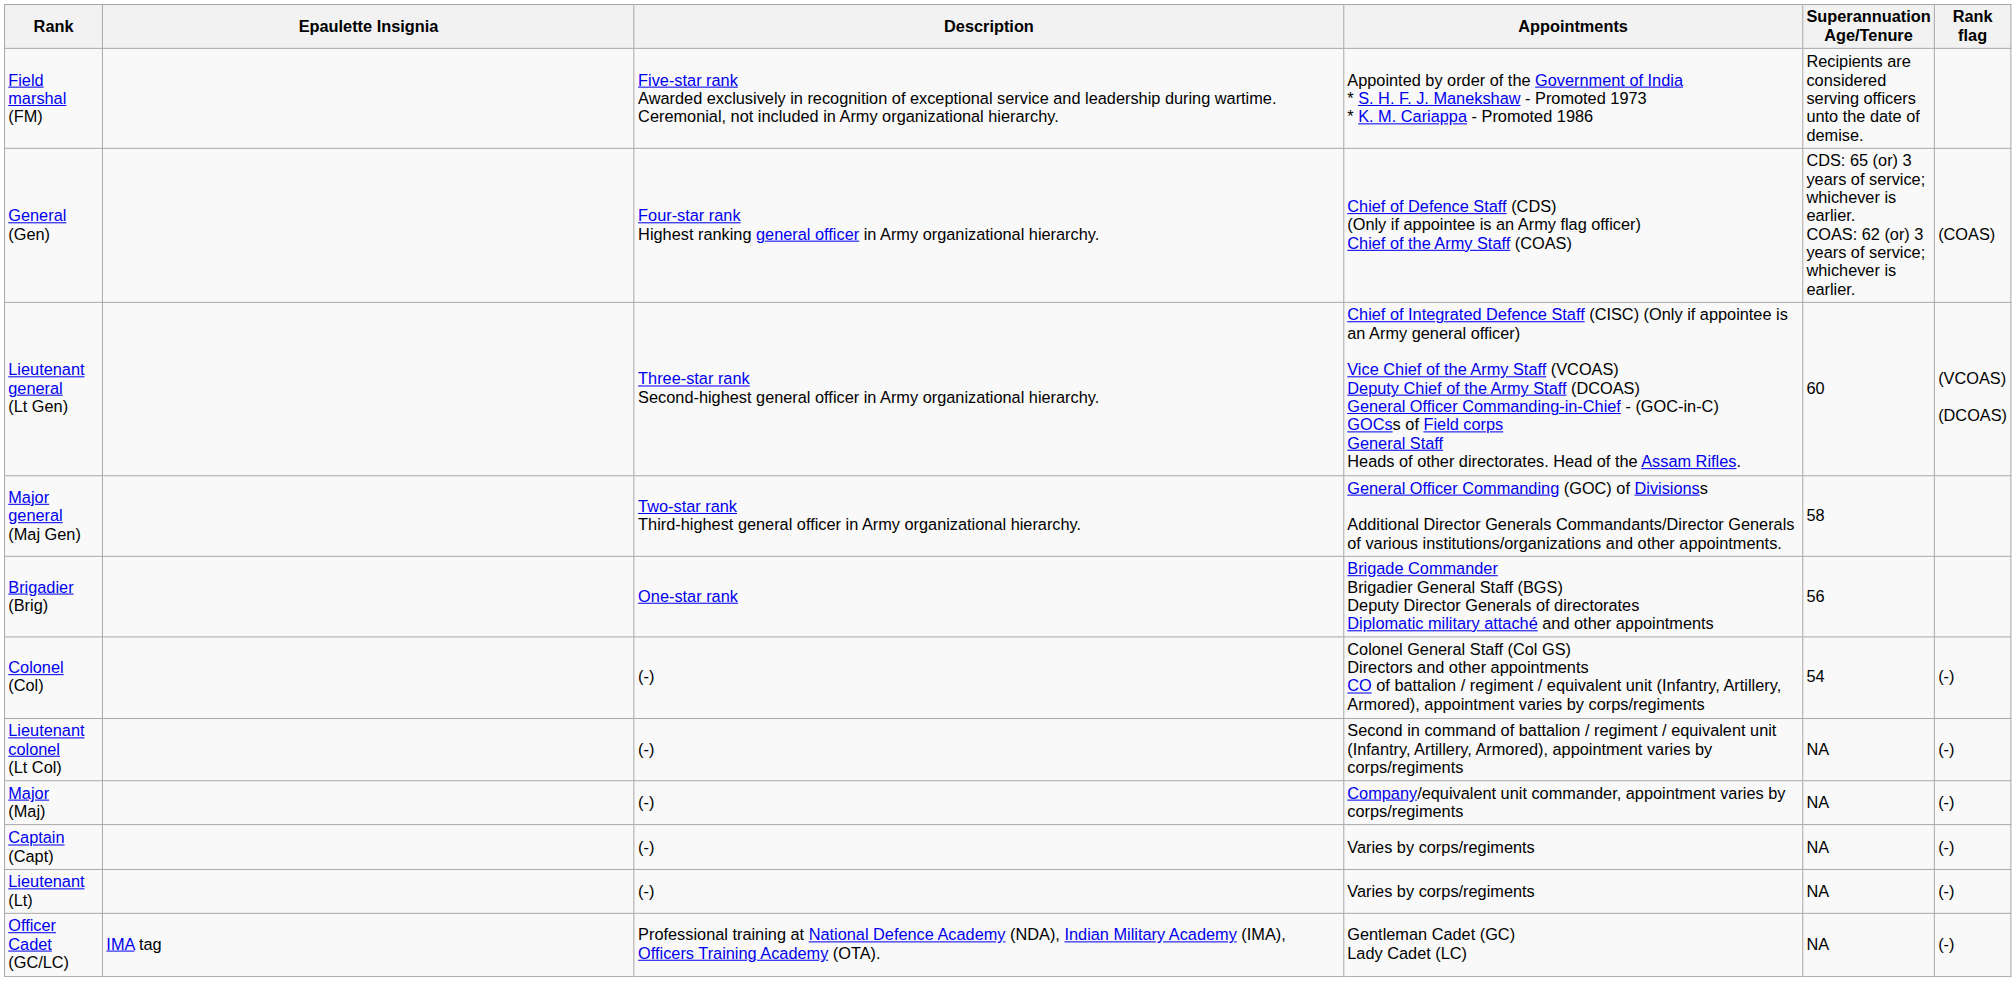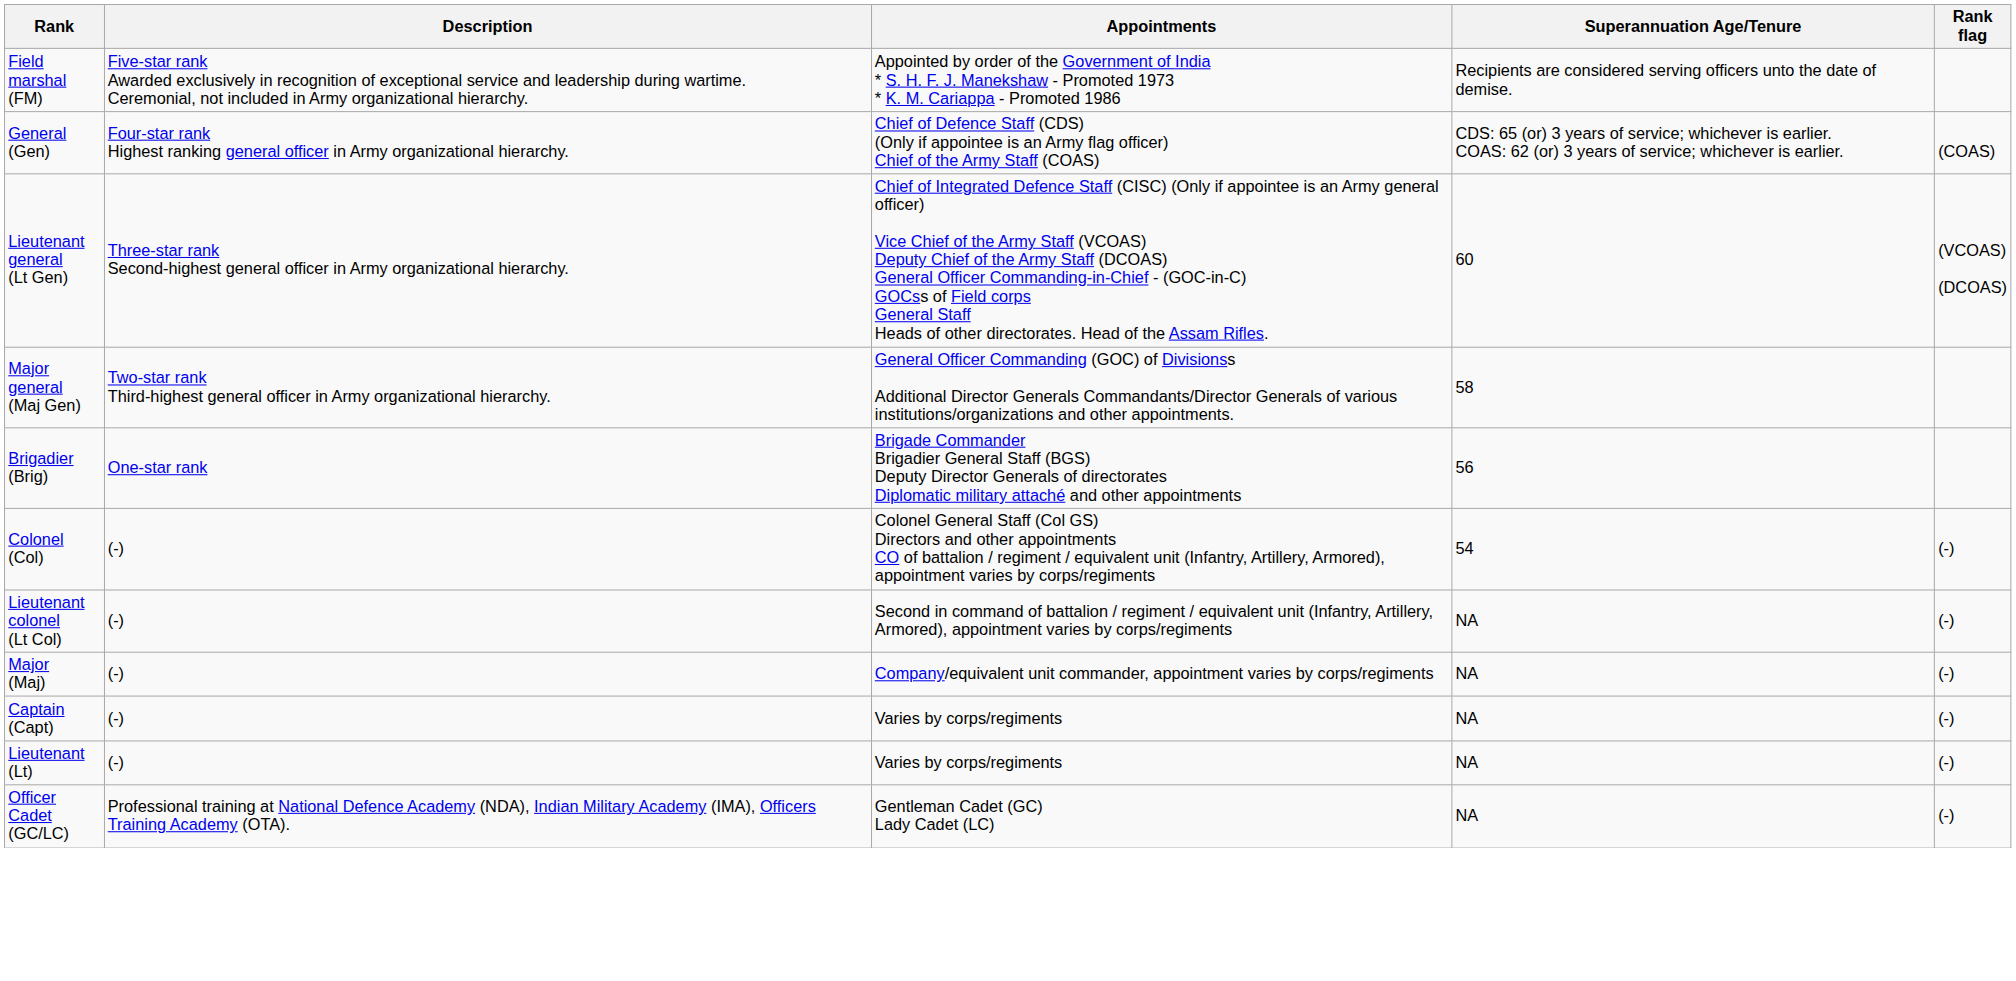 <table class="wikitable">
 <tr>
 <th width=5%>Rank</th>
-<th width=30%>Epaulette Insignia</th>
 <th width=40%>Description</th>
 <th width=30%>Appointments</th>
 <th width=25%>Superannuation Age/Tenure</th>
 <th width=25%>Rank flag</th>
 </tr>
 <tr>
 <td><a href='#'>Field marshal</a><br>(FM)</td>
-<td></td>
 <td><a href='#'>Five-star rank</a><br>Awarded exclusively in recognition of exceptional service and leadership during wartime.<br>Ceremonial, not included in Army organizational hierarchy.</td>
 <td>Appointed by order of the <a href='#'>Government of India</a><br>* <a href='#'>S. H. F. J. Manekshaw</a> -  Promoted 1973<br>* <a href='#'>K. M. Cariappa</a> - Promoted 1986</td>
 <td>Recipients are considered serving officers unto the date of demise.</td>
 <td></td>
 </tr>
 <tr>
 <td><a href='#'>General</a><br>(Gen)</td>
-<td></td>
 <td><a href='#'>Four-star rank</a><br>Highest ranking <a href='#'>general officer</a> in Army organizational hierarchy.</td>
 <td><a href='#'>Chief of Defence Staff</a> (CDS)<br>(Only if appointee is an Army flag officer)<br><a href='#'>Chief of the Army Staff</a> (COAS)<br></td>
 <td>CDS: 65 (or) 3 years of service; whichever is earlier.<br>COAS: 62 (or) 3 years of service; whichever is earlier.</td>
 <td><br>(COAS)</td>
 </tr>
 <tr>
 <td><a href='#'>Lieutenant general</a><br>(Lt Gen)</td>
-<td></td>
 <td><a href='#'>Three-star rank</a><br>Second-highest general officer in Army organizational hierarchy.</td>
 <td><a href='#'>Chief of Integrated Defence Staff</a> (CISC) (Only if appointee is an Army general officer)<br><br><a href='#'>Vice Chief of the Army Staff</a> (VCOAS)<br> <a href='#'>Deputy Chief of the Army Staff</a> (DCOAS)<br> <a href='#'>General Officer Commanding-in-Chief</a> -  (GOC-in-C)<br> <a href='#'>GOCs</a>s of <a href='#'>Field corps</a><br> <a href='#'>General Staff</a><br> Heads of other directorates. Head of the <a href='#'>Assam Rifles</a>.</td>
 <td>60</td>
 <td><br>(VCOAS)<br><br>(DCOAS)</td>
 </tr>
 <tr>
 <td><a href='#'>Major general</a><br>(Maj Gen)</td>
-<td></td>
 <td><a href='#'>Two-star rank</a><br>Third-highest general officer in Army organizational hierarchy.</td>
 <td><a href='#'>General Officer Commanding</a> (GOC) of <a href='#'>Divisions</a>s<br><br>Additional Director Generals Commandants/Director Generals of various institutions/organizations and other appointments.</td>
 <td>58</td>
 <td></td>
 </tr>
 <tr>
 <td><a href='#'>Brigadier</a><br>(Brig)</td>
-<td></td>
 <td><a href='#'>One-star rank</a></td>
 <td><a href='#'>Brigade Commander</a><br>Brigadier General Staff (BGS)<br>Deputy Director Generals of directorates<br><a href='#'>Diplomatic military attaché</a> and other appointments</td>
 <td>56</td>
 <td></td>
 </tr>
 <tr>
 <td><a href='#'>Colonel</a> <br>(Col)</td>
-<td></td>
 <td>(-)</td>
 <td>Colonel General Staff (Col GS)<br>Directors and other appointments <br> <a href='#'>CO</a> of battalion / regiment / equivalent unit (Infantry, Artillery, Armored), appointment varies by corps/regiments</td>
 <td>54</td>
 <td>(-)</td>
 </tr>
 <tr>
 <td><a href='#'>Lieutenant colonel</a><br>(Lt Col)</td>
-<td></td>
 <td>(-)</td>
 <td>Second in command of battalion / regiment / equivalent unit (Infantry, Artillery, Armored), appointment varies by corps/regiments</td>
 <td>NA</td>
 <td>(-)</td>
 </tr>
 <tr>
 <td><a href='#'>Major</a><br>(Maj)</td>
-<td></td>
 <td>(-)</td>
 <td><a href='#'>Company</a>/equivalent unit commander, appointment varies by corps/regiments</td>
 <td>NA</td>
 <td>(-)</td>
 </tr>
 <tr>
 <td><a href='#'>Captain</a><br>(Capt)</td>
-<td></td>
 <td>(-)</td>
 <td>Varies by corps/regiments</td>
 <td>NA</td>
 <td>(-)</td>
 </tr>
 <tr>
 <td><a href='#'>Lieutenant</a><br>(Lt)</td>
-<td></td>
 <td>(-)</td>
 <td>Varies by corps/regiments</td>
 <td>NA</td>
 <td>(-)</td>
 </tr>
 <tr>
 <td><a href='#'>Officer Cadet</a> (GC/LC)</td>
-<td><a href='#'>IMA</a> tag</td>
 <td>Professional training at <a href='#'>National Defence Academy</a> (NDA), <a href='#'>Indian Military Academy</a> (IMA), <a href='#'>Officers Training Academy</a> (OTA).</td>
 <td>Gentleman Cadet (GC)<br>Lady Cadet (LC)</td>
 <td>NA</td>
 <td>(-)</td>
 </tr>
 </table>
